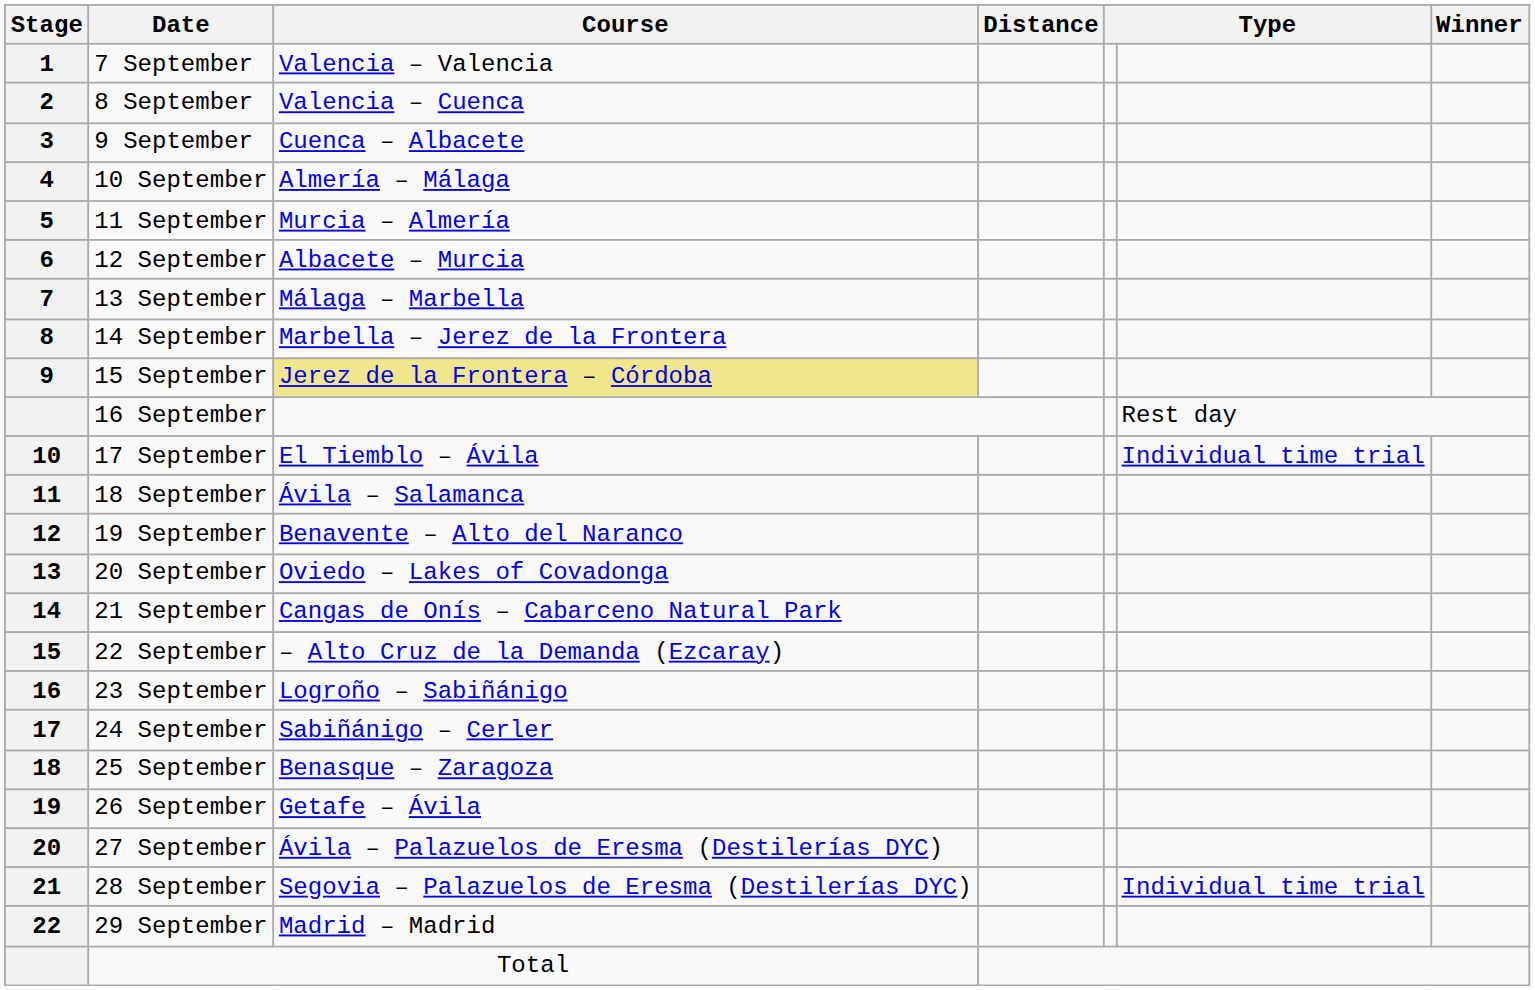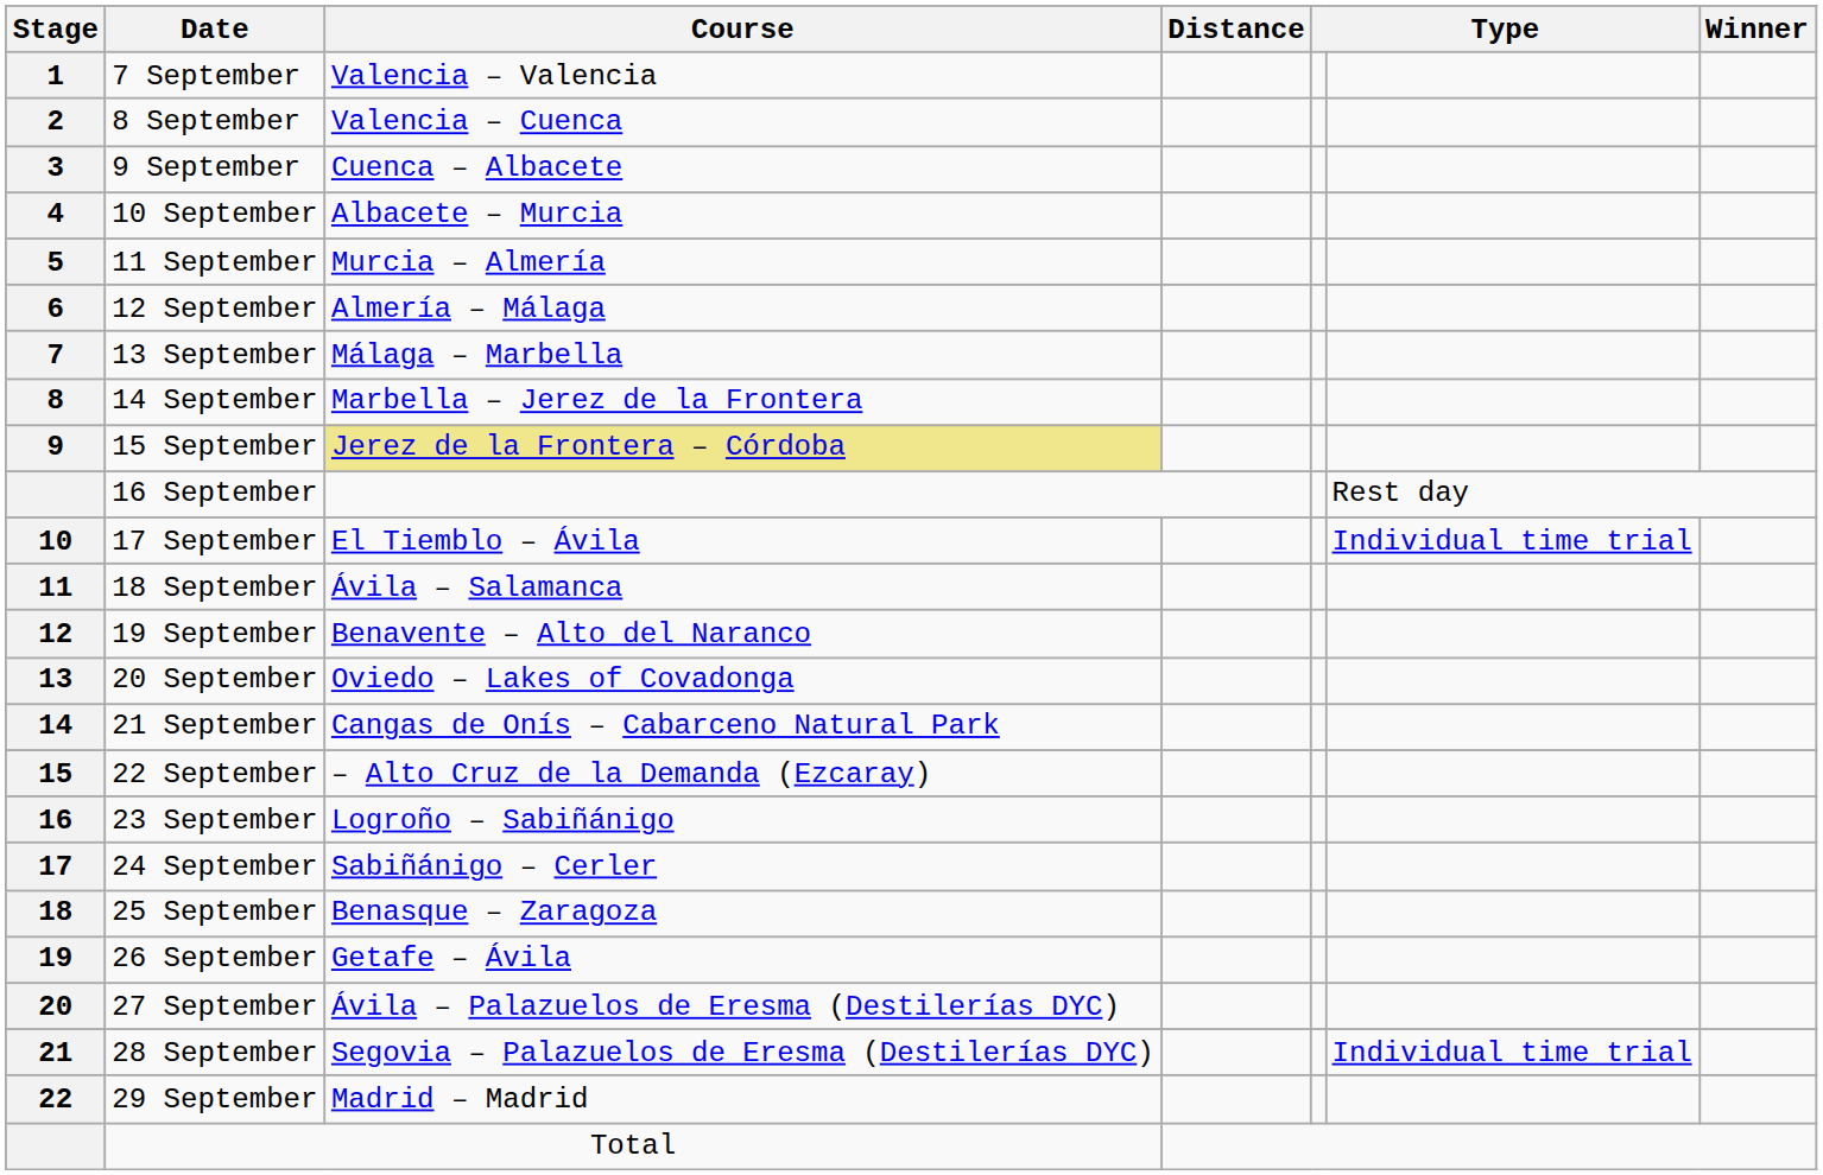 <table class="wikitable">
 <tr>
 <th scope="col">Stage</th>
 <th scope="col">Date</th>
 <th scope="col">Course</th>
 <th scope="col">Distance</th>
 <th scope="col" colspan="2">Type</th>
 <th scope="col">Winner</th>
 </tr>
 <tr>
 <th scope="row">1</th>
 <td>7 September</td>
 <td><a href='#'>Valencia</a> – Valencia</td>
 <td style="text-align:center;"></td>
 <td></td>
 <td></td>
 <td></td>
 </tr>
 <tr>
 <th scope="row">2</th>
 <td>8 September</td>
 <td><a href='#'>Valencia</a> – <a href='#'>Cuenca</a></td>
 <td style="text-align:center;"></td>
 <td></td>
 <td></td>
 <td></td>
 </tr>
 <tr>
 <th scope="row">3</th>
 <td>9 September</td>
 <td><a href='#'>Cuenca</a> – <a href='#'>Albacete</a></td>
 <td style="text-align:center;"></td>
 <td></td>
 <td></td>
 <td></td>
 </tr>
 <tr>
 <th scope="row">4</th>
 <td>10 September</td>
-<td><a href='#'>Almería</a> – <a href='#'>Málaga</a></td>
+<td><a href='#'>Albacete</a> – <a href='#'>Murcia</a></td>
 <td style="text-align:center;"></td>
 <td></td>
 <td></td>
 <td></td>
 </tr>
 <tr>
 <th scope="row">5</th>
 <td>11 September</td>
 <td><a href='#'>Murcia</a> – <a href='#'>Almería</a></td>
 <td style="text-align:center;"></td>
 <td></td>
 <td></td>
 <td></td>
 </tr>
 <tr>
 <th scope="row">6</th>
 <td>12 September</td>
-<td><a href='#'>Albacete</a> – <a href='#'>Murcia</a></td>
+<td><a href='#'>Almería</a> – <a href='#'>Málaga</a></td>
 <td style="text-align:center;"></td>
 <td></td>
 <td></td>
 <td></td>
 </tr>
 <tr>
 <th scope="row">7</th>
 <td>13 September</td>
 <td><a href='#'>Málaga</a> – <a href='#'>Marbella</a></td>
 <td style="text-align:center;"></td>
 <td></td>
 <td></td>
 <td></td>
 </tr>
 <tr>
 <th scope="row">8</th>
 <td>14 September</td>
 <td><a href='#'>Marbella</a> – <a href='#'>Jerez de la Frontera</a></td>
 <td style="text-align:center;"></td>
 <td></td>
 <td></td>
 <td></td>
 </tr>
 <tr>
 <th scope="row">9</th>
 <td>15 September</td>
 <td style="background: khaki;"><a href='#'>Jerez de la Frontera</a> – <a href='#'>Córdoba</a></td>
 <td style="text-align:center;"></td>
 <td></td>
 <td></td>
 <td></td>
 </tr>
 <tr>
 <th scope="row"></th>
 <td>16 September</td>
 <td colspan="2"></td>
 <td></td>
 <td colspan="3">Rest day</td>
 </tr>
 <tr>
 <th scope="row">10</th>
 <td>17 September</td>
 <td><a href='#'>El Tiemblo</a> – <a href='#'>Ávila</a></td>
 <td style="text-align:center;"></td>
 <td></td>
 <td><a href='#'>Individual time trial</a></td>
 <td></td>
 </tr>
 <tr>
 <th scope="row">11</th>
 <td>18 September</td>
 <td><a href='#'>Ávila</a> – <a href='#'>Salamanca</a></td>
 <td style="text-align:center;"></td>
 <td></td>
 <td></td>
 <td></td>
 </tr>
 <tr>
 <th scope="row">12</th>
 <td>19 September</td>
 <td><a href='#'>Benavente</a> – <a href='#'>Alto del Naranco</a></td>
 <td style="text-align:center;"></td>
 <td></td>
 <td></td>
 <td></td>
 </tr>
 <tr>
 <th scope="row">13</th>
 <td>20 September</td>
 <td><a href='#'>Oviedo</a> – <a href='#'>Lakes of Covadonga</a></td>
 <td style="text-align:center;"></td>
 <td></td>
 <td></td>
 <td></td>
 </tr>
 <tr>
 <th scope="row">14</th>
 <td>21 September</td>
 <td><a href='#'>Cangas de Onís</a> – <a href='#'>Cabarceno Natural Park</a></td>
 <td style="text-align:center;"></td>
 <td></td>
 <td></td>
 <td></td>
 </tr>
 <tr>
 <th scope="row">15</th>
 <td>22 September</td>
 <td> – <a href='#'>Alto Cruz de la Demanda</a> (<a href='#'>Ezcaray</a>)</td>
 <td style="text-align:center;"></td>
 <td></td>
 <td></td>
 <td></td>
 </tr>
 <tr>
 <th scope="row">16</th>
 <td>23 September</td>
 <td><a href='#'>Logroño</a> – <a href='#'>Sabiñánigo</a></td>
 <td style="text-align:center;"></td>
 <td></td>
 <td></td>
 <td></td>
 </tr>
 <tr>
 <th scope="row">17</th>
 <td>24 September</td>
 <td><a href='#'>Sabiñánigo</a> – <a href='#'>Cerler</a></td>
 <td style="text-align:center;"></td>
 <td></td>
 <td></td>
 <td></td>
 </tr>
 <tr>
 <th scope="row">18</th>
 <td>25 September</td>
 <td><a href='#'>Benasque</a> – <a href='#'>Zaragoza</a></td>
 <td style="text-align:center;"></td>
 <td></td>
 <td></td>
 <td></td>
 </tr>
 <tr>
 <th scope="row">19</th>
 <td>26 September</td>
 <td><a href='#'>Getafe</a> – <a href='#'>Ávila</a></td>
 <td style="text-align:center;"></td>
 <td></td>
 <td></td>
 <td></td>
 </tr>
 <tr>
 <th scope="row">20</th>
 <td>27 September</td>
 <td><a href='#'>Ávila</a> – <a href='#'>Palazuelos de Eresma</a> (<a href='#'>Destilerías DYC</a>)</td>
 <td style="text-align:center;"></td>
 <td></td>
 <td></td>
 <td></td>
 </tr>
 <tr>
 <th scope="row">21</th>
 <td>28 September</td>
 <td><a href='#'>Segovia</a> – <a href='#'>Palazuelos de Eresma</a> (<a href='#'>Destilerías DYC</a>)</td>
 <td style="text-align:center;"></td>
 <td></td>
 <td><a href='#'>Individual time trial</a></td>
 <td></td>
 </tr>
 <tr>
 <th scope="row">22</th>
 <td>29 September</td>
 <td><a href='#'>Madrid</a> – Madrid</td>
 <td style="text-align:center;"></td>
 <td></td>
 <td></td>
 <td></td>
 </tr>
 <tr>
 <th scope="row"></th>
 <td colspan="2" style="text-align:center">Total</td>
 <td colspan="5" style="text-align:center"></td>
 </tr>
 </table>
